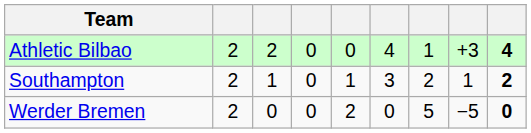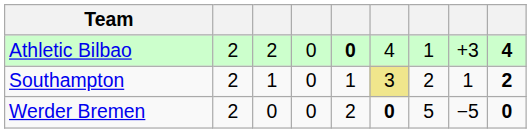 <table class="wikitable" style="text-align: center;">
 <tr>
 <th width="165">Team</th>
 <th width="25"></th>
 <th width="25"></th>
 <th width="25"></th>
 <th width="25"></th>
 <th width="25"></th>
 <th width="25"></th>
 <th width="25"></th>
 <th width="25"></th>
 </tr>
 <tr bgcolor="#ccffcc">
 <td style="text-align:left;"> <a href='#'>Athletic Bilbao</a></td>
 <td>2</td>
 <td>2</td>
 <td>0</td>
-<td>0</td>
+<td><strong>0</strong></td>
 <td>4</td>
 <td>1</td>
 <td>+3</td>
 <td><strong>4</strong></td>
 </tr>
 <tr>
 <td style="text-align:left;"> <a href='#'>Southampton</a></td>
 <td>2</td>
 <td>1</td>
 <td>0</td>
 <td>1</td>
-<td>3</td>
+<td style="background: khaki;">3</td>
 <td>2</td>
 <td>1</td>
 <td><strong>2</strong></td>
 </tr>
 <tr>
 <td style="text-align:left;"> <a href='#'>Werder Bremen</a></td>
 <td>2</td>
 <td>0</td>
 <td>0</td>
 <td>2</td>
-<td>0</td>
+<td><strong>0</strong></td>
 <td>5</td>
 <td>−5</td>
 <td><strong>0</strong></td>
 </tr>
 </table>
